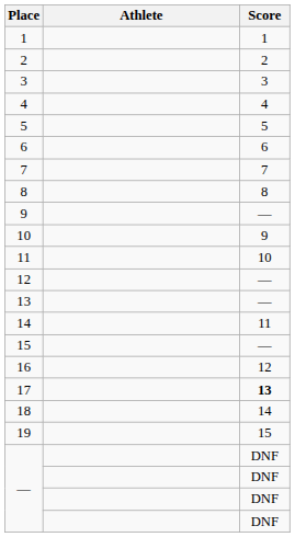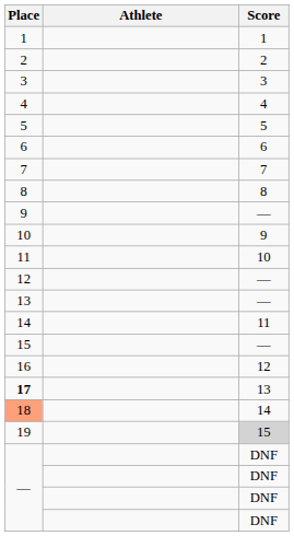 <table class=wikitable style="text-align:center">
 <tr>
 <th width=20>Place</th>
 <th width=220>Athlete</th>
 <th width=50>Score</th>
 </tr>
 <tr>
 <td>1</td>
 <td align=left></td>
 <td>1</td>
 </tr>
 <tr>
 <td>2</td>
 <td align=left></td>
 <td>2</td>
 </tr>
 <tr>
 <td>3</td>
 <td align=left></td>
 <td>3</td>
 </tr>
 <tr>
 <td>4</td>
 <td align=left></td>
 <td>4</td>
 </tr>
 <tr>
 <td>5</td>
 <td align=left></td>
 <td>5</td>
 </tr>
 <tr>
 <td>6</td>
 <td align=left></td>
 <td>6</td>
 </tr>
 <tr>
 <td>7</td>
 <td align=left></td>
 <td>7</td>
 </tr>
 <tr>
 <td>8</td>
 <td align=left></td>
 <td>8</td>
 </tr>
 <tr>
 <td>9</td>
 <td align=left><em></em></td>
 <td>—</td>
 </tr>
 <tr>
 <td>10</td>
 <td align=left></td>
 <td>9</td>
 </tr>
 <tr>
 <td>11</td>
 <td align=left></td>
 <td>10</td>
 </tr>
 <tr>
 <td>12</td>
 <td align=left><em></em></td>
 <td>—</td>
 </tr>
 <tr>
 <td>13</td>
 <td align=left><em></em></td>
 <td>—</td>
 </tr>
 <tr>
 <td>14</td>
 <td align=left></td>
 <td>11</td>
 </tr>
 <tr>
 <td>15</td>
 <td align=left><em></em></td>
 <td>—</td>
 </tr>
 <tr>
 <td>16</td>
 <td align=left></td>
 <td>12</td>
 </tr>
 <tr>
-<td>17</td>
+<td><strong>17</strong></td>
 <td align=left></td>
-<td><strong>13</strong></td>
+<td>13</td>
 </tr>
 <tr>
-<td>18</td>
+<td style="background: lightsalmon;">18</td>
 <td align=left></td>
 <td>14</td>
 </tr>
 <tr>
 <td>19</td>
 <td align=left></td>
-<td>15</td>
+<td style="background: lightgrey;">15</td>
 </tr>
 <tr>
 <td rowspan=4>—</td>
 <td align=left><em></em></td>
 <td>DNF</td>
 </tr>
 <tr>
 <td align=left><em></em></td>
 <td>DNF</td>
 </tr>
 <tr>
 <td align=left><em></em></td>
 <td>DNF</td>
 </tr>
 <tr>
 <td align=left><em></em></td>
 <td>DNF</td>
 </tr>
 </table>
